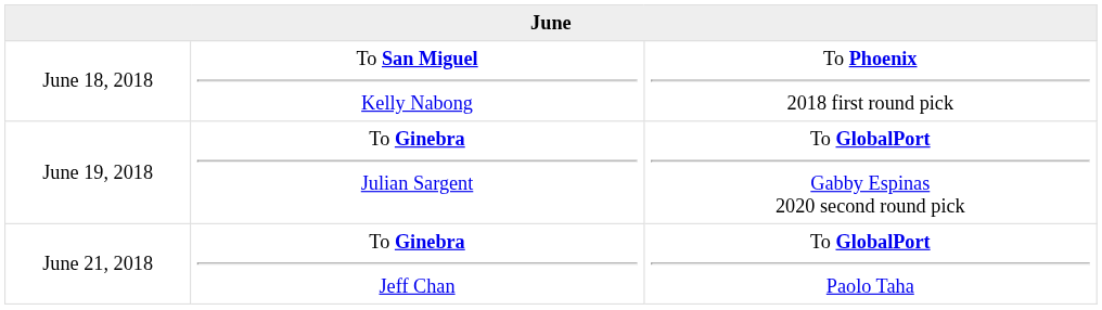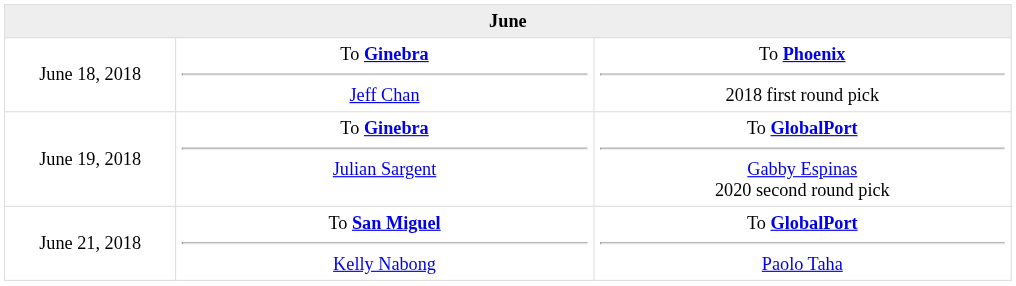 <table border=1 style="border-collapse:collapse; text-align: center; width: 100%" bordercolor="#DFDFDF"  cellpadding="5">
 <tr bgcolor="eeeeee">
 <th style="" colspan=4>June</th>
 </tr>
 <tr>
 <td style="width:12%">June 18, 2018</td>
-<td style="width:29.3%" valign="top">To <strong><a href='#'>San Miguel</a></strong><hr><a href='#'>Kelly Nabong</a></td>
+<td style="width:29.3%" valign="top">To <strong><a href='#'>Ginebra</a></strong><hr><a href='#'>Jeff Chan</a></td>
 <td style="width:29.3%" valign="top">To <strong><a href='#'>Phoenix</a></strong><hr>2018 first round pick</td>
 </tr>
 <tr>
 <td style="width:12%">June 19, 2018</td>
 <td style="width:29.3%" valign="top">To <strong><a href='#'>Ginebra</a></strong><hr><a href='#'>Julian Sargent</a></td>
 <td style="width:29.3%" valign="top">To <strong><a href='#'>GlobalPort</a></strong><hr><a href='#'>Gabby Espinas</a><br> 2020 second round pick</td>
 </tr>
 <tr>
 <td style="width:12%">June 21, 2018</td>
-<td style="width:29.3%" valign="top">To <strong><a href='#'>Ginebra</a></strong><hr><a href='#'>Jeff Chan</a></td>
+<td style="width:29.3%" valign="top">To <strong><a href='#'>San Miguel</a></strong><hr><a href='#'>Kelly Nabong</a></td>
 <td style="width:29.3%" valign="top">To <strong><a href='#'>GlobalPort</a></strong><hr><a href='#'>Paolo Taha</a></td>
 </tr>
 </table>
